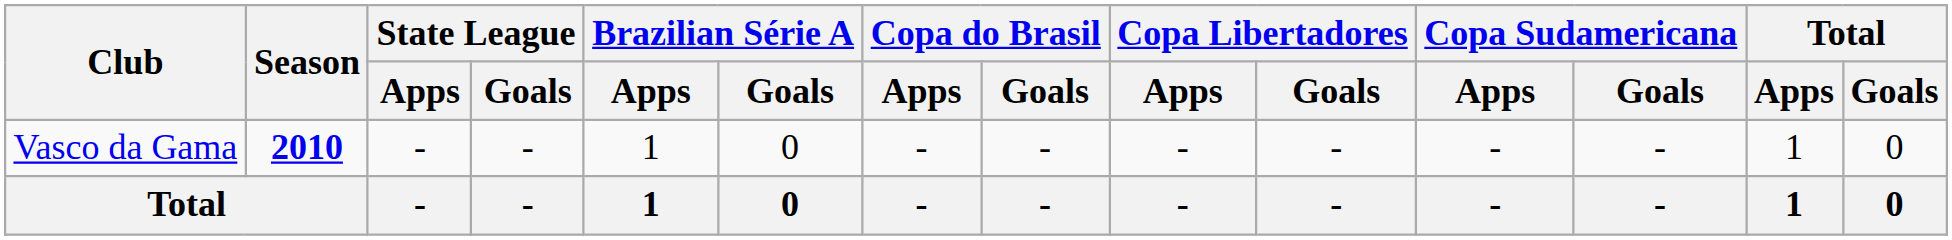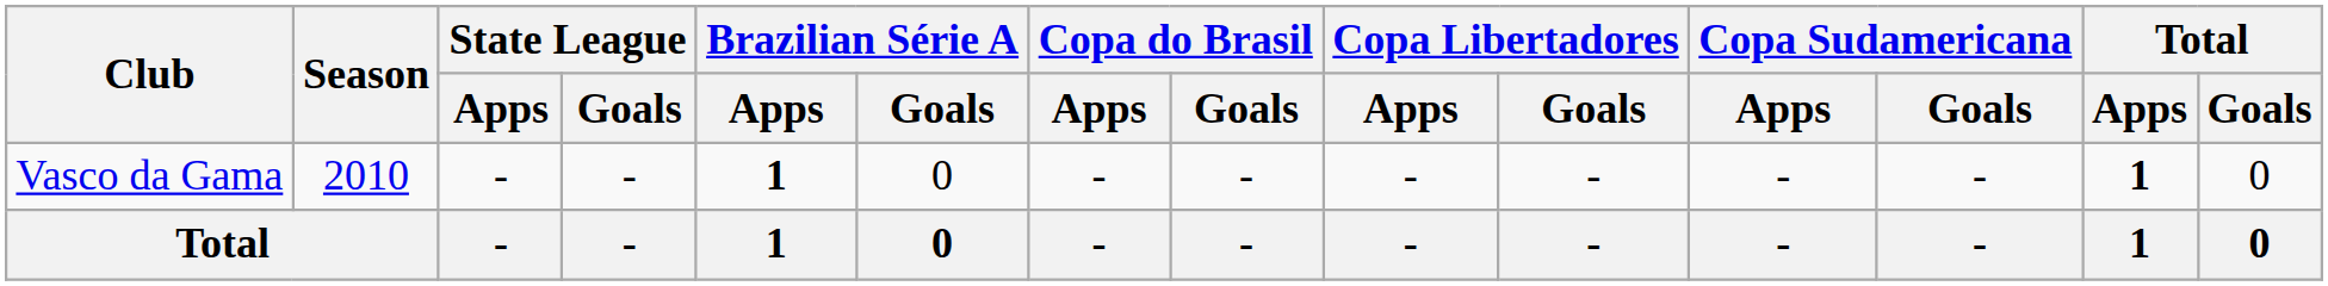 <table class="wikitable" style="text-align: center;">
 <tr>
 <th rowspan="2">Club</th>
 <th rowspan="2">Season</th>
 <th colspan="2">State League</th>
 <th colspan="2"><a href='#'>Brazilian Série A</a></th>
 <th colspan="2"><a href='#'>Copa do Brasil</a></th>
 <th colspan="2"><a href='#'>Copa Libertadores</a></th>
 <th colspan="2"><a href='#'>Copa Sudamericana</a></th>
 <th colspan="2">Total</th>
 </tr>
 <tr>
 <th>Apps</th>
 <th>Goals</th>
 <th>Apps</th>
 <th>Goals</th>
 <th>Apps</th>
 <th>Goals</th>
 <th>Apps</th>
 <th>Goals</th>
 <th>Apps</th>
 <th>Goals</th>
 <th>Apps</th>
 <th>Goals</th>
 </tr>
 <tr>
 <td rowspan="1" valign="center"><a href='#'>Vasco da Gama</a></td>
-<td><strong><a href='#'>2010</a></strong></td>
+<td><a href='#'>2010</a></td>
 <td>-</td>
 <td>-</td>
-<td>1</td>
+<td><strong>1</strong></td>
 <td>0</td>
 <td>-</td>
 <td>-</td>
 <td>-</td>
 <td>-</td>
 <td>-</td>
 <td>-</td>
-<td>1</td>
+<td><strong>1</strong></td>
 <td>0</td>
 </tr>
 <tr>
 <th colspan="2"><strong>Total</strong></th>
 <th>-</th>
 <th>-</th>
 <th>1</th>
 <th>0</th>
 <th>-</th>
 <th>-</th>
 <th>-</th>
 <th>-</th>
 <th>-</th>
 <th>-</th>
 <th>1</th>
 <th>0</th>
 </tr>
 </table>
